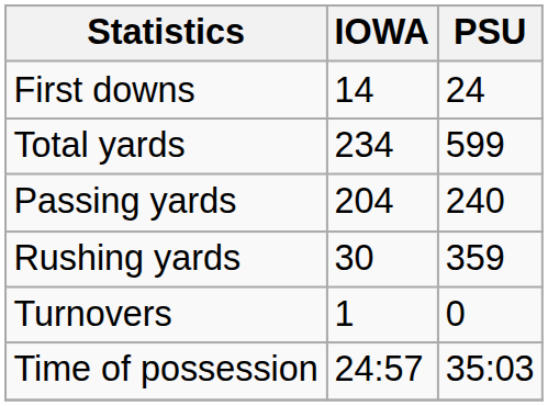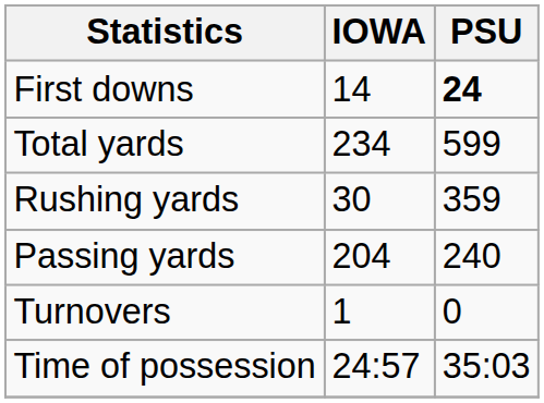 <table class="wikitable">
 <tr>
 <th>Statistics</th>
 <th>IOWA</th>
 <th>PSU</th>
 </tr>
 <tr>
 <td>First downs</td>
 <td>14</td>
-<td>24</td>
+<td><strong>24</strong></td>
 </tr>
 <tr>
 <td>Total yards</td>
 <td>234</td>
 <td>599</td>
 </tr>
 <tr>
+<td>Rushing yards</td>
+<td>30</td>
+<td>359</td>
+</tr>
+<tr>
 <td>Passing yards</td>
 <td>204</td>
 <td>240</td>
-</tr>
-<tr>
-<td>Rushing yards</td>
-<td>30</td>
-<td>359</td>
 </tr>
 <tr>
 <td>Turnovers</td>
 <td>1</td>
 <td>0</td>
 </tr>
 <tr>
 <td>Time of possession</td>
 <td>24:57</td>
 <td>35:03</td>
 </tr>
 <tr>
 </tr>
 </table>
